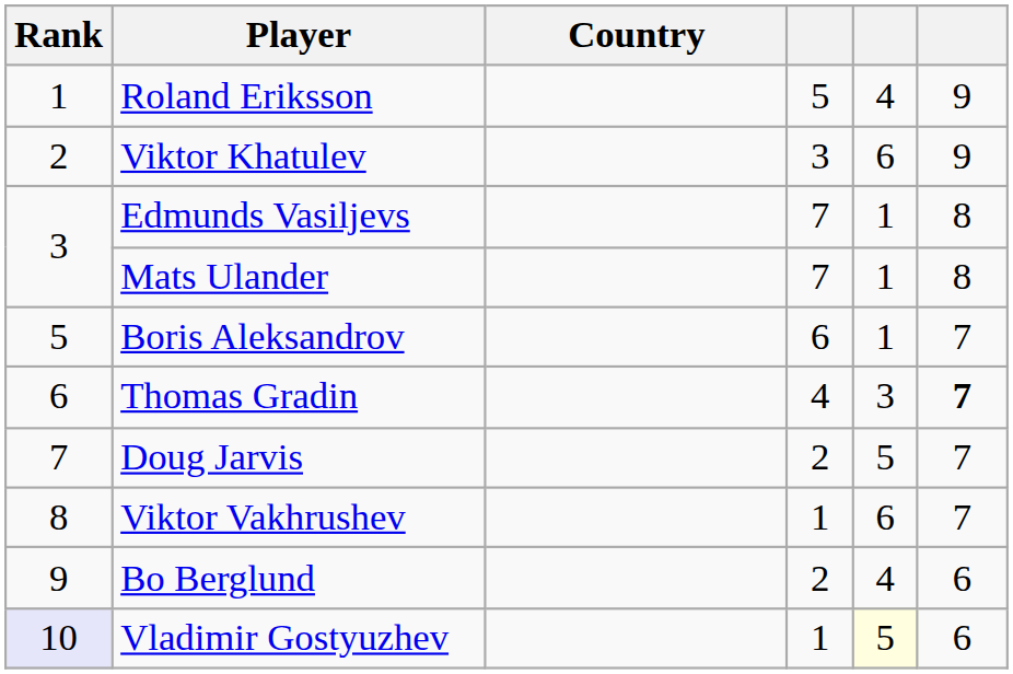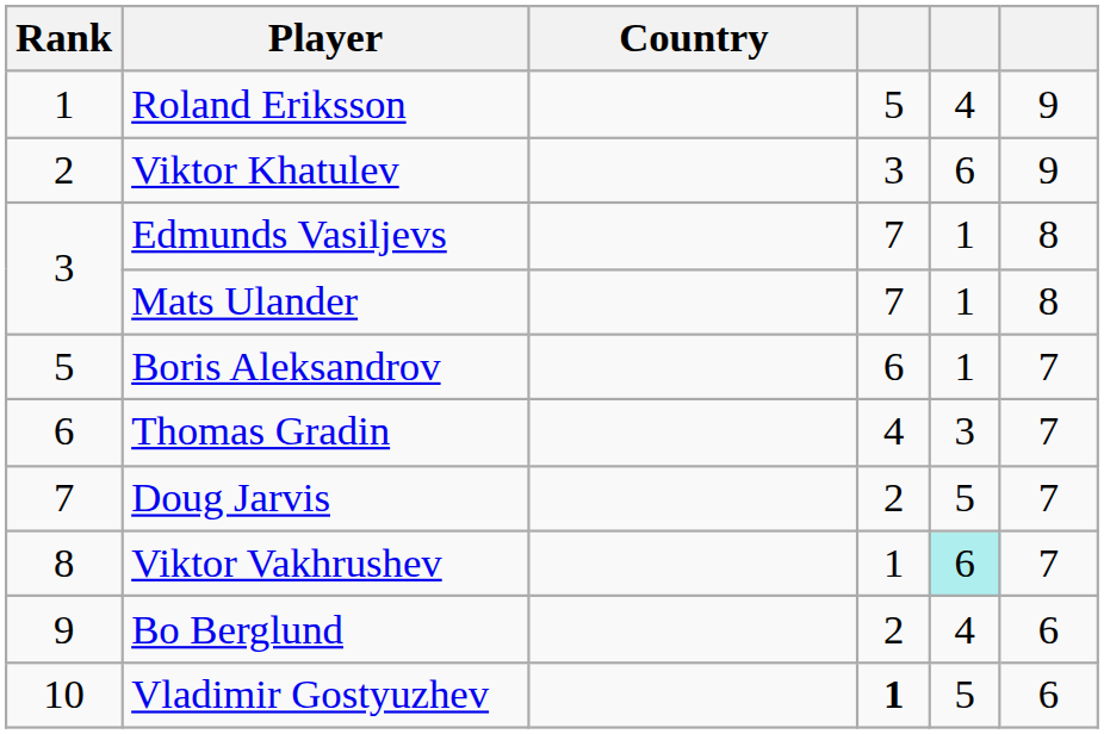 <table class="wikitable sortable" style="text-align: center;">
 <tr>
 <th width=30>Rank</th>
 <th width=150>Player</th>
 <th width=120>Country</th>
 <th width=20></th>
 <th width=20></th>
 <th width=30></th>
 </tr>
 <tr>
 <td>1</td>
 <td align=left><a href='#'>Roland Eriksson</a></td>
 <td align=left></td>
 <td>5</td>
 <td>4</td>
 <td>9</td>
 </tr>
 <tr>
 <td>2</td>
 <td align=left><a href='#'>Viktor Khatulev</a></td>
 <td align=left></td>
 <td>3</td>
 <td>6</td>
 <td>9</td>
 </tr>
 <tr>
 <td rowspan=2>3</td>
 <td align=left><a href='#'>Edmunds Vasiljevs</a></td>
 <td align=left></td>
 <td>7</td>
 <td>1</td>
 <td>8</td>
 </tr>
 <tr>
 <td align=left><a href='#'>Mats Ulander</a></td>
 <td align=left></td>
 <td>7</td>
 <td>1</td>
 <td>8</td>
 </tr>
 <tr>
 <td>5</td>
 <td align=left><a href='#'>Boris Aleksandrov</a></td>
 <td align=left></td>
 <td>6</td>
 <td>1</td>
 <td>7</td>
 </tr>
 <tr>
 <td>6</td>
 <td align=left><a href='#'>Thomas Gradin</a></td>
 <td align=left></td>
 <td>4</td>
 <td>3</td>
-<td><strong>7</strong></td>
+<td>7</td>
 </tr>
 <tr>
 <td>7</td>
 <td align=left><a href='#'>Doug Jarvis</a></td>
 <td align=left></td>
 <td>2</td>
 <td>5</td>
 <td>7</td>
 </tr>
 <tr>
 <td>8</td>
 <td align=left><a href='#'>Viktor Vakhrushev</a></td>
 <td align=left></td>
 <td>1</td>
-<td>6</td>
+<td style="background: paleturquoise;">6</td>
 <td>7</td>
 </tr>
 <tr>
 <td>9</td>
 <td align=left><a href='#'>Bo Berglund</a></td>
 <td align=left></td>
 <td>2</td>
 <td>4</td>
 <td>6</td>
 </tr>
 <tr>
-<td style="background: lavender;">10</td>
+<td>10</td>
 <td align=left><a href='#'>Vladimir Gostyuzhev</a></td>
 <td align=left></td>
-<td>1</td>
-<td style="background: lightyellow;">5</td>
+<td><strong>1</strong></td>
+<td>5</td>
 <td>6</td>
 </tr>
 </table>
